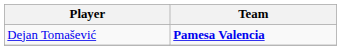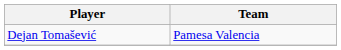 <table class="wikitable" style="text-align: center;">
 <tr>
 <th style="width:200px;">Player</th>
 <th style="width:200px;">Team</th>
 </tr>
 <tr>
 <td align="left"> <a href='#'>Dejan Tomašević</a></td>
-<td align="left"><strong> <a href='#'>Pamesa Valencia</a></strong></td>
+<td align="left"> <a href='#'>Pamesa Valencia</a></td>
 </tr>
 <tr>
 </tr>
 </table>
